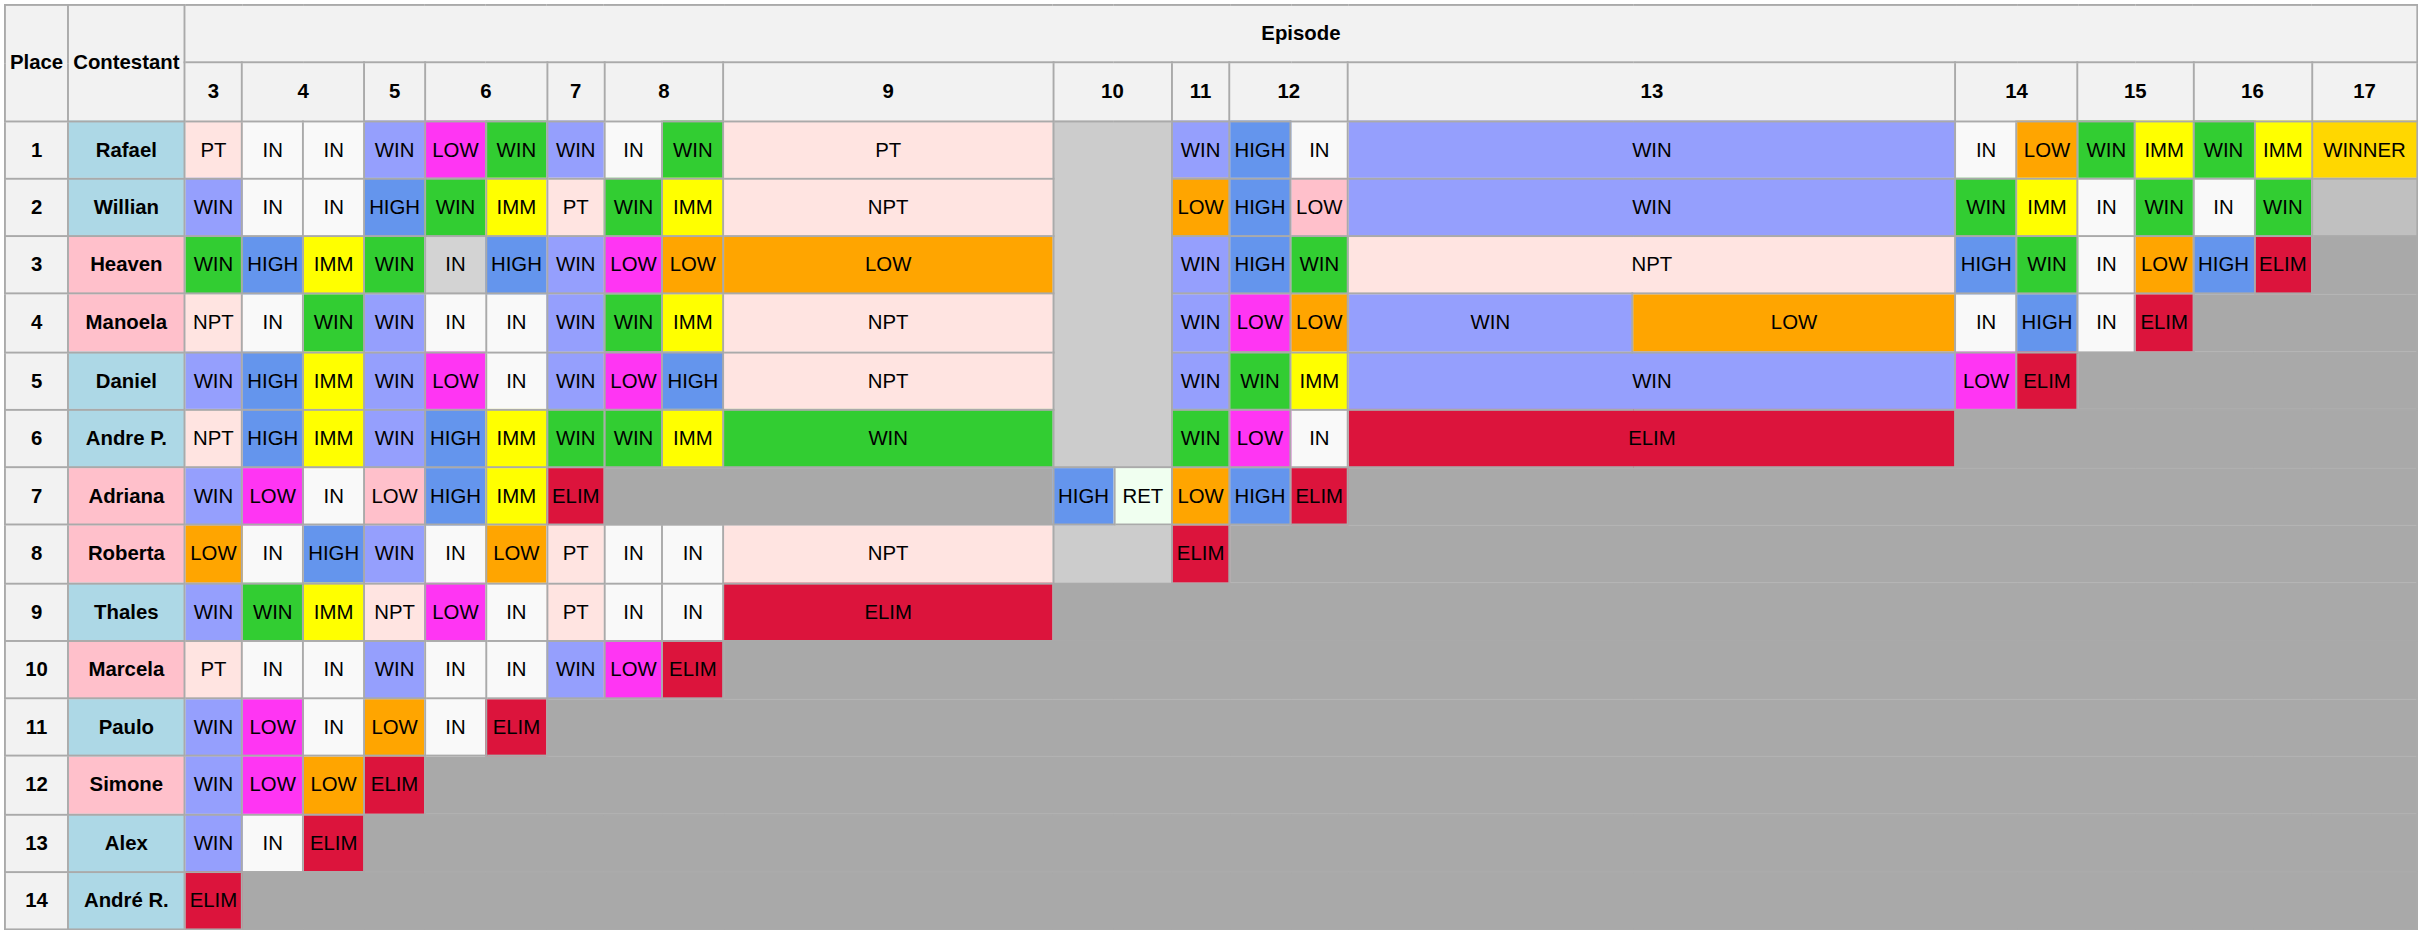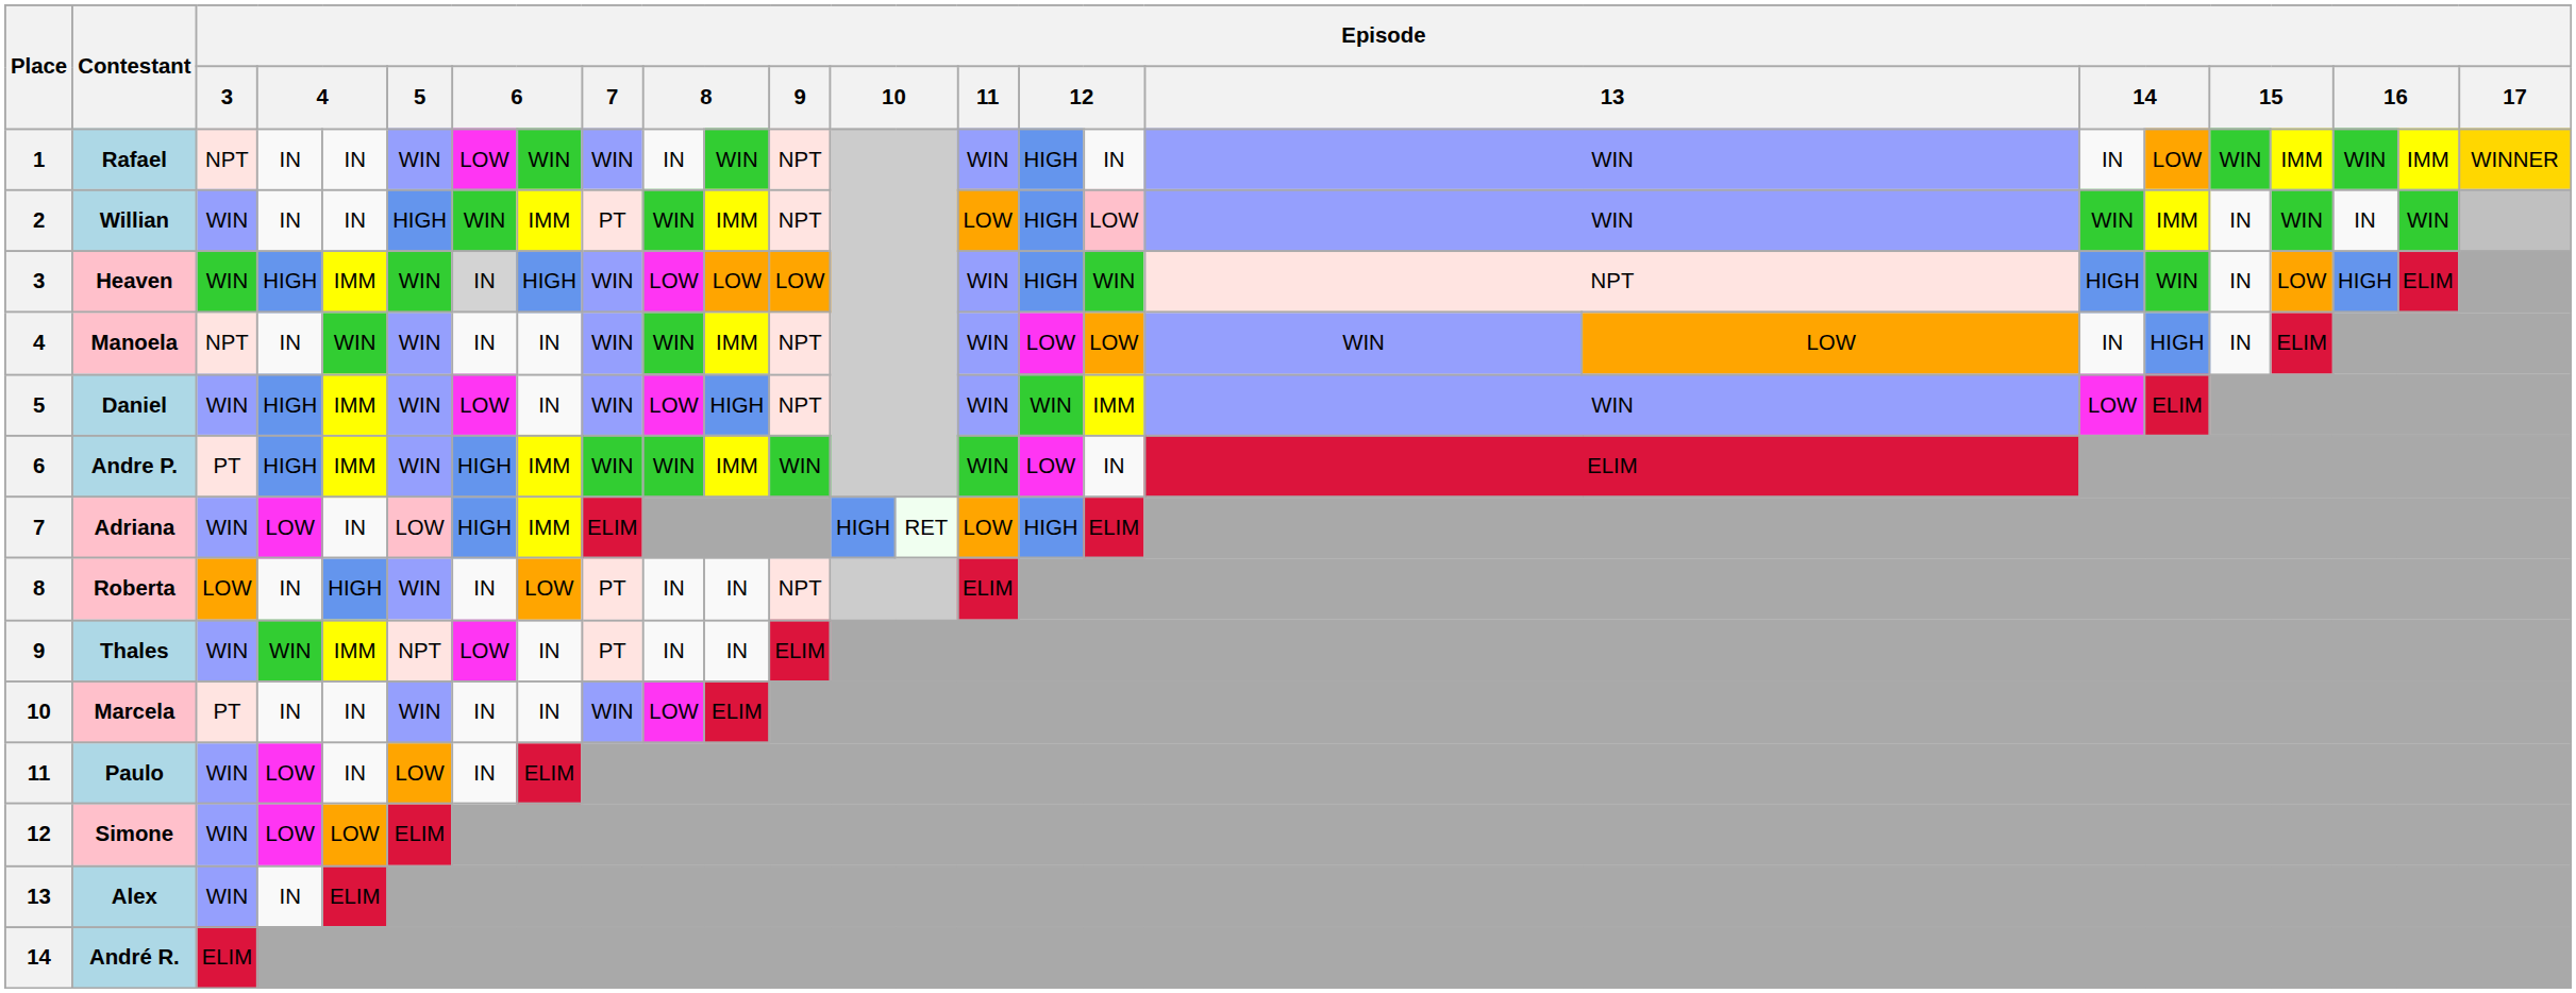 <table class="wikitable" style="text-align: center; font-size: 8pt; line-height:25px; width: 100%">
 <tr>
 <th rowspan=02>Place</th>
 <th rowspan=02>Contestant</th>
 <th colspan="24">Episode</th>
 </tr>
 <tr>
 <th>3</th>
 <th colspan=2>4</th>
 <th>5</th>
 <th colspan=2>6</th>
 <th>7</th>
 <th colspan=2>8</th>
 <th>9</th>
 <th colspan=2>10</th>
 <th>11</th>
 <th colspan=2>12</th>
 <th colspan=2>13</th>
 <th colspan=2>14</th>
 <th colspan=2>15</th>
 <th colspan=2>16</th>
 <th>17</th>
 </tr>
 <tr>
 <th width=10>1</th>
 <td width=50 style="background:#ADD8E6"><strong>Rafael</strong></td>
-<td width=25 style="background:#FFE4E1">PT</td>
+<td style="background:#FFE4E1">NPT</td>
 <td width=25>IN</td>
 <td width=25>IN</td>
 <td width=25 style="background:#959FFD">WIN</td>
 <td width=25 style="background:#FF35F3">LOW</td>
 <td width=25 style="background:#32CD32">WIN</td>
 <td width=25 style="background:#959FFD">WIN</td>
 <td width=25>IN</td>
 <td width=25 style="background:#32CD32">WIN</td>
-<td style="background:#FFE4E1">PT</td>
+<td width=25 style="background:#FFE4E1">NPT</td>
 <td width=50 style="background:#CCCCCC" rowspan=6 colspan=2></td>
 <td width=25 style="background:#959FFD">WIN</td>
 <td width=25 style="background:#6495ED">HIGH</td>
 <td width=25>IN</td>
 <td colspan="2" width="25" style="background:#959FFD">WIN</td>
 <td width=25>IN</td>
 <td width=25 style="background:#FFA500">LOW</td>
 <td width=25 style="background:#32CD32">WIN</td>
 <td width=25 style="background:#FFFF00">IMM</td>
 <td width=25 style="background:#32CD32">WIN</td>
 <td width=25 style="background:#FFFF00">IMM</td>
 <td width=50 style="background:#FFD700">WINNER</td>
 </tr>
 <tr>
 <th>2</th>
 <td style="background:#ADD8E6"><strong>Willian</strong></td>
 <td style="background:#959FFD">WIN</td>
 <td>IN</td>
 <td>IN</td>
 <td style="background:#6495ED">HIGH</td>
 <td style="background:#32CD32">WIN</td>
 <td style="background:#FFFF00">IMM</td>
 <td style="background:#FFE4E1">PT</td>
 <td style="background:#32CD32">WIN</td>
 <td style="background:#FFFF00">IMM</td>
 <td style="background:#FFE4E1">NPT</td>
 <td style="background:#FFA500">LOW</td>
 <td style="background:#6495ED">HIGH</td>
 <td style="background:#FFC0CB">LOW</td>
 <td colspan="2" style="background:#959FFD">WIN</td>
 <td style="background:#32CD32">WIN</td>
 <td style="background:#FFFF00">IMM</td>
 <td>IN</td>
 <td style="background:#32CD32">WIN</td>
 <td>IN</td>
 <td style="background:#32CD32">WIN</td>
 <td style="background:#C0C0C0"></td>
 </tr>
 <tr>
 <th>3</th>
 <td style="background:#FFC0CB"><strong>Heaven</strong></td>
 <td style="background:#32CD32">WIN</td>
 <td style="background:#6495ED">HIGH</td>
 <td style="background:#FFFF00">IMM</td>
 <td style="background:#32CD32">WIN</td>
 <td style="background: lightgrey;">IN</td>
 <td style="background:#6495ED">HIGH</td>
 <td style="background:#959FFD">WIN</td>
 <td style="background:#FF35F3">LOW</td>
 <td style="background:#FFA500">LOW</td>
 <td style="background:#FFA500">LOW</td>
 <td style="background:#959FFD">WIN</td>
 <td style="background:#6495ED">HIGH</td>
 <td style="background:#32CD32">WIN</td>
 <td colspan="2" style="background:#FFE4E1">NPT</td>
 <td style="background:#6495ED">HIGH</td>
 <td style="background:#32CD32">WIN</td>
 <td>IN</td>
 <td style="background:#FFA500">LOW</td>
 <td style="background:#6495ED">HIGH</td>
 <td style="background:#DC143C">ELIM</td>
 <td style="background:#A9A9A9"></td>
 </tr>
 <tr>
 <th>4</th>
 <td style="background:#FFC0CB"><strong>Manoela</strong></td>
 <td style="background:#FFE4E1">NPT</td>
 <td>IN</td>
 <td style="background:#32CD32">WIN</td>
 <td style="background:#959FFD">WIN</td>
 <td>IN</td>
 <td>IN</td>
 <td style="background:#959FFD">WIN</td>
 <td style="background:#32CD32">WIN</td>
 <td style="background:#FFFF00">IMM</td>
 <td style="background:#FFE4E1">NPT</td>
 <td style="background:#959FFD">WIN</td>
 <td style="background:#FF35F3">LOW</td>
 <td style="background:#FFA500">LOW</td>
 <td style="background:#959FFD">WIN</td>
 <td style="background:#FFA500">LOW</td>
 <td>IN</td>
 <td width=25 style="background:#6495ED">HIGH</td>
 <td>IN</td>
 <td style="background:#DC143C">ELIM</td>
 <td style="background:#A9A9A9" colspan=3></td>
 </tr>
 <tr>
 <th>5</th>
 <td style="background:#ADD8E6"><strong>Daniel</strong></td>
 <td style="background:#959FFD">WIN</td>
 <td style="background:#6495ED">HIGH</td>
 <td style="background:#FFFF00">IMM</td>
 <td style="background:#959FFD">WIN</td>
 <td style="background:#FF35F3">LOW</td>
 <td>IN</td>
 <td style="background:#959FFD">WIN</td>
 <td style="background:#FF35F3">LOW</td>
 <td style="background:#6495ED">HIGH</td>
 <td style="background:#FFE4E1">NPT</td>
 <td style="background:#959FFD">WIN</td>
 <td style="background:#32CD32">WIN</td>
 <td style="background:#FFFF00">IMM</td>
 <td colspan="2" style="background:#959FFD">WIN</td>
 <td style="background:#FF35F3">LOW</td>
 <td style="background:#DC143C">ELIM</td>
 <td style="background:#A9A9A9" colspan=5></td>
 </tr>
 <tr>
 <th>6</th>
 <td style="background:#ADD8E6"><strong>Andre P.</strong></td>
-<td style="background:#FFE4E1">NPT</td>
+<td width=25 style="background:#FFE4E1">PT</td>
 <td style="background:#6495ED">HIGH</td>
 <td style="background:#FFFF00">IMM</td>
 <td style="background:#959FFD">WIN</td>
 <td style="background:#6495ED">HIGH</td>
 <td style="background:#FFFF00">IMM</td>
 <td style="background:#32CD32">WIN</td>
 <td style="background:#32CD32">WIN</td>
 <td style="background:#FFFF00">IMM</td>
 <td style="background:#32CD32">WIN</td>
 <td style="background:#32CD32">WIN</td>
 <td style="background:#FF35F3">LOW</td>
 <td>IN</td>
 <td colspan="2" style="background:#DC143C">ELIM</td>
 <td style="background:#A9A9A9" colspan=7></td>
 </tr>
 <tr>
 <th>7</th>
 <td style="background:#FFC0CB"><strong>Adriana</strong></td>
 <td style="background:#959FFD">WIN</td>
 <td style="background:#FF35F3">LOW</td>
 <td>IN</td>
 <td style="background:#FFC0CB">LOW</td>
 <td style="background:#6495ED">HIGH</td>
 <td style="background:#FFFF00">IMM</td>
 <td style="background:#DC143C">ELIM</td>
 <td colspan="3" style="background:#A9A9A9"></td>
 <td style="background:#6495ED" width=25>HIGH</td>
 <td style="background:#F0FFF0" width=25>RET</td>
 <td style="background:#FFA500">LOW</td>
 <td style="background:#6495ED">HIGH</td>
 <td style="background:#DC143C">ELIM</td>
 <td style="background:#A9A9A9" colspan=9></td>
 </tr>
 <tr>
 <th>8</th>
 <td style="background:#FFC0CB"><strong>Roberta</strong></td>
 <td style="background:#FFA500">LOW</td>
 <td>IN</td>
 <td style="background:#6495ED">HIGH</td>
 <td style="background:#959FFD">WIN</td>
 <td>IN</td>
 <td style="background:#FFA500">LOW</td>
 <td style="background:#FFE4E1">PT</td>
 <td>IN</td>
 <td>IN</td>
 <td style="background:#FFE4E1">NPT</td>
 <td style="background:#CCCCCC" colspan=2></td>
 <td style="background:#DC143C">ELIM</td>
 <td style="background:#A9A9A9" colspan=11></td>
 </tr>
 <tr>
 <th>9</th>
 <td style="background:#ADD8E6 "><strong>Thales</strong></td>
 <td style="background:#959FFD">WIN</td>
 <td style="background:#32CD32">WIN</td>
 <td style="background:#FFFF00">IMM</td>
 <td style="background:#FFE4E1">NPT</td>
 <td style="background:#FF35F3">LOW</td>
 <td>IN</td>
 <td style="background:#FFE4E1">PT</td>
 <td>IN</td>
 <td>IN</td>
 <td style="background:#DC143C">ELIM</td>
 <td colspan="14" style="background:#A9A9A9"></td>
 </tr>
 <tr>
 <th>10</th>
 <td style="background:#FFC0CB"><strong>Marcela</strong></td>
 <td style="background:#FFE4E1">PT</td>
 <td>IN</td>
 <td>IN</td>
 <td style="background:#959FFD">WIN</td>
 <td>IN</td>
 <td>IN</td>
 <td style="background:#959FFD">WIN</td>
 <td style="background:#FF35F3">LOW</td>
 <td style="background:#DC143C">ELIM</td>
 <td colspan="15" style="background:#A9A9A9"></td>
 </tr>
 <tr>
 <th>11</th>
 <td style="background:#ADD8E6"><strong>Paulo</strong></td>
 <td style="background:#959FFD">WIN</td>
 <td style="background:#FF35F3">LOW</td>
 <td>IN</td>
 <td style="background:#FFA500">LOW</td>
 <td>IN</td>
 <td style="background:#DC143C">ELIM</td>
 <td colspan="18" style="background:#A9A9A9"></td>
 </tr>
 <tr>
 <th>12</th>
 <td style="background:#FFC0CB"><strong>Simone</strong></td>
 <td style="background:#959FFD">WIN</td>
 <td style="background:#FF35F3">LOW</td>
 <td style="background:#FFA500">LOW</td>
 <td style="background:#DC143C">ELIM</td>
 <td colspan="20" style="background:#A9A9A9"></td>
 </tr>
 <tr>
 <th>13</th>
 <td style="background:#ADD8E6"><strong>Alex</strong></td>
 <td style="background:#959FFD">WIN</td>
 <td>IN</td>
 <td style="background:#DC143C">ELIM</td>
 <td colspan="21" style="background:#A9A9A9"></td>
 </tr>
 <tr>
 <th>14</th>
 <td style="background:#ADD8E6"><strong>André R.</strong></td>
 <td style="background:#DC143C">ELIM</td>
 <td colspan="23" style="background:#A9A9A9"></td>
 </tr>
 </table>
